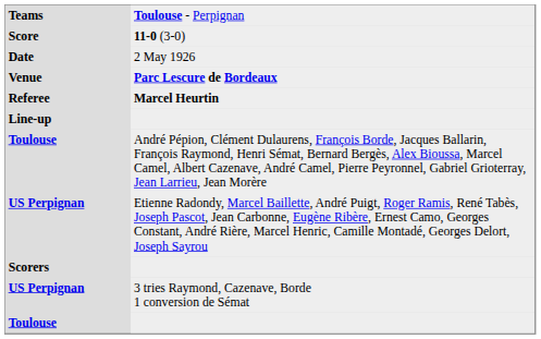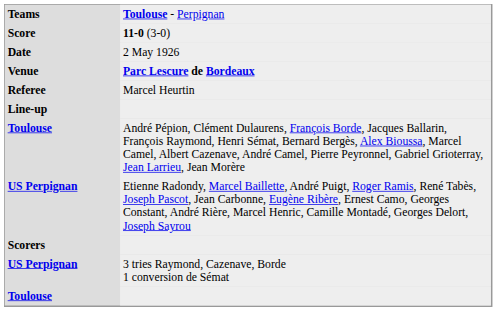 <table align="left" cellpadding="4" cellspacing="0"  style="margin: 0 0 0 0; border: 1px solid #999; border-right-width: 2px; border-bottom-width: 2px; background-color: #DDDDDD">
 <tr>
 <td width="150" valign="top"><strong>Teams</strong></td>
 <td width="500" bgcolor=#EEEEEE><strong><a href='#'>Toulouse</a></strong> - <a href='#'>Perpignan</a></td>
 </tr>
 <tr>
 <td valign="top"><strong>Score</strong></td>
 <td bgcolor=#EEEEEE><strong>11-0</strong> (3-0)</td>
 </tr>
 <tr>
 <td valign="top"><strong>Date</strong></td>
 <td bgcolor=#EEEEEE>2 May 1926</td>
 </tr>
 <tr>
 <td valign="top"><strong>Venue</strong></td>
 <td bgcolor=#EEEEEE><strong><a href='#'>Parc Lescure</a> de <a href='#'>Bordeaux</a></strong></td>
 </tr>
 <tr>
 <td valign="top"><strong>Referee</strong></td>
-<td bgcolor=#EEEEEE><strong>Marcel Heurtin</strong></td>
+<td bgcolor=#EEEEEE>Marcel Heurtin</td>
 </tr>
 <tr>
 <td valign="top"><strong>Line-up</strong></td>
 <td bgcolor=#EEEEEE></td>
 </tr>
 <tr>
 <td valign="top"><strong><a href='#'>Toulouse</a></strong></td>
 <td bgcolor=#EEEEEE>André Pépion, Clément Dulaurens, <a href='#'>François Borde</a>, Jacques Ballarin, François Raymond, Henri Sémat, Bernard Bergès, <a href='#'>Alex Bioussa</a>, Marcel Camel, Albert Cazenave, André Camel, Pierre Peyronnel, Gabriel Grioterray, <a href='#'>Jean Larrieu</a>, Jean Morère</td>
 </tr>
 <tr>
 <td valign="top"><strong><a href='#'>US Perpignan</a></strong></td>
 <td bgcolor=#EEEEEE>Etienne Radondy, <a href='#'>Marcel Baillette</a>, André Puigt, <a href='#'>Roger Ramis</a>, René Tabès, <a href='#'>Joseph Pascot</a>, Jean Carbonne, <a href='#'>Eugène Ribère</a>, Ernest Camo, Georges Constant, André Rière, Marcel Henric, Camille Montadé, Georges Delort, <a href='#'>Joseph Sayrou</a></td>
 </tr>
 <tr>
 <td valign="top"><strong>Scorers</strong></td>
 <td bgcolor=#EEEEEE></td>
 </tr>
 <tr>
 <td valign="top"><strong><a href='#'>US Perpignan</a> </strong></td>
 <td bgcolor=#EEEEEE>3 tries Raymond, Cazenave, Borde<br>1 conversion de Sémat</td>
 </tr>
 <tr>
 <td valign="top"><strong><a href='#'>Toulouse</a> </strong></td>
 <td bgcolor=#EEEEEE></td>
 </tr>
 </table>
